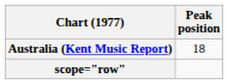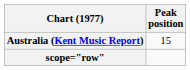 <table class="wikitable sortable plainrowheaders">
 <tr>
 <th scope="col">Chart (1977)</th>
 <th scope="col">Peak<br>position</th>
 </tr>
 <tr>
 <th scope="row">Australia (<a href='#'>Kent Music Report</a>)</th>
-<td style="text-align:center;">18</td>
+<td style="text-align:center;">15</td>
 </tr>
 <tr>
 <th>scope="row"</th>
 </tr>
 </table>
